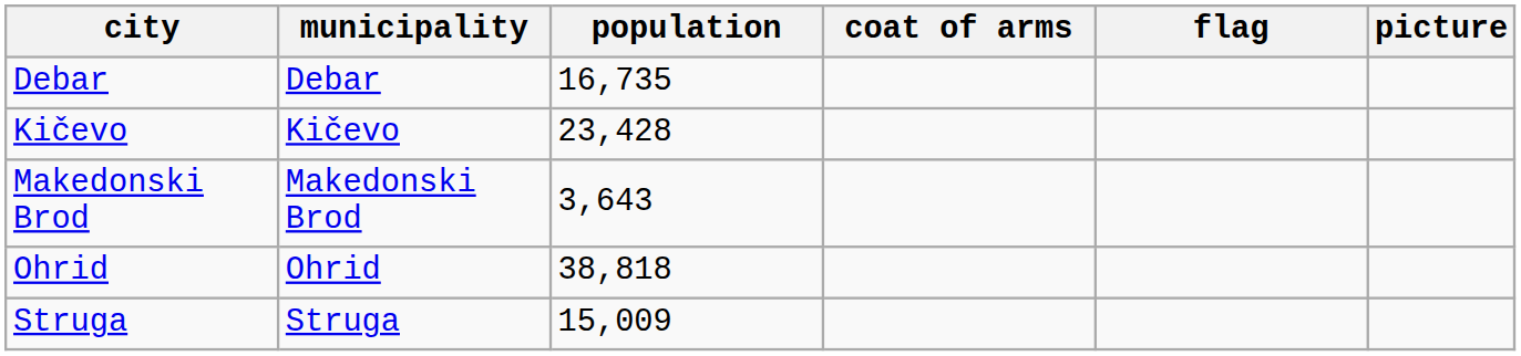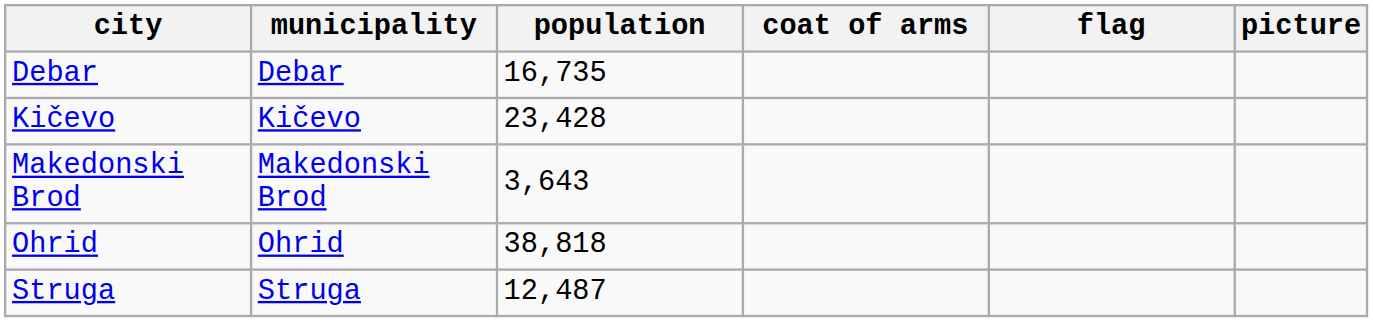 <table class="wikitable sortable" style="font-size:95%;">
 <tr>
 <th width="100px">city</th>
 <th width="100px">municipality</th>
 <th width="100px">population</th>
 <th width="100px">coat of arms</th>
 <th width="100px">flag</th>
 <th width="1o0px">picture</th>
 </tr>
 <tr>
 <td><a href='#'>Debar</a></td>
 <td><a href='#'>Debar</a></td>
 <td>16,735</td>
 <td></td>
 <td></td>
 <td></td>
 </tr>
 <tr>
 <td><a href='#'>Kičevo</a></td>
 <td><a href='#'>Kičevo</a></td>
 <td>23,428</td>
 <td></td>
 <td></td>
 <td></td>
 </tr>
 <tr>
 <td><a href='#'>Makedonski Brod</a></td>
 <td><a href='#'>Makedonski Brod</a></td>
 <td>3,643</td>
 <td></td>
 <td></td>
 <td></td>
 </tr>
 <tr>
 <td><a href='#'>Ohrid</a></td>
 <td><a href='#'>Ohrid</a></td>
 <td>38,818</td>
 <td></td>
 <td></td>
 <td></td>
 </tr>
 <tr>
 <td><a href='#'>Struga</a></td>
 <td><a href='#'>Struga</a></td>
-<td>15,009</td>
+<td>12,487</td>
 <td></td>
 <td></td>
 <td></td>
 </tr>
 </table>
